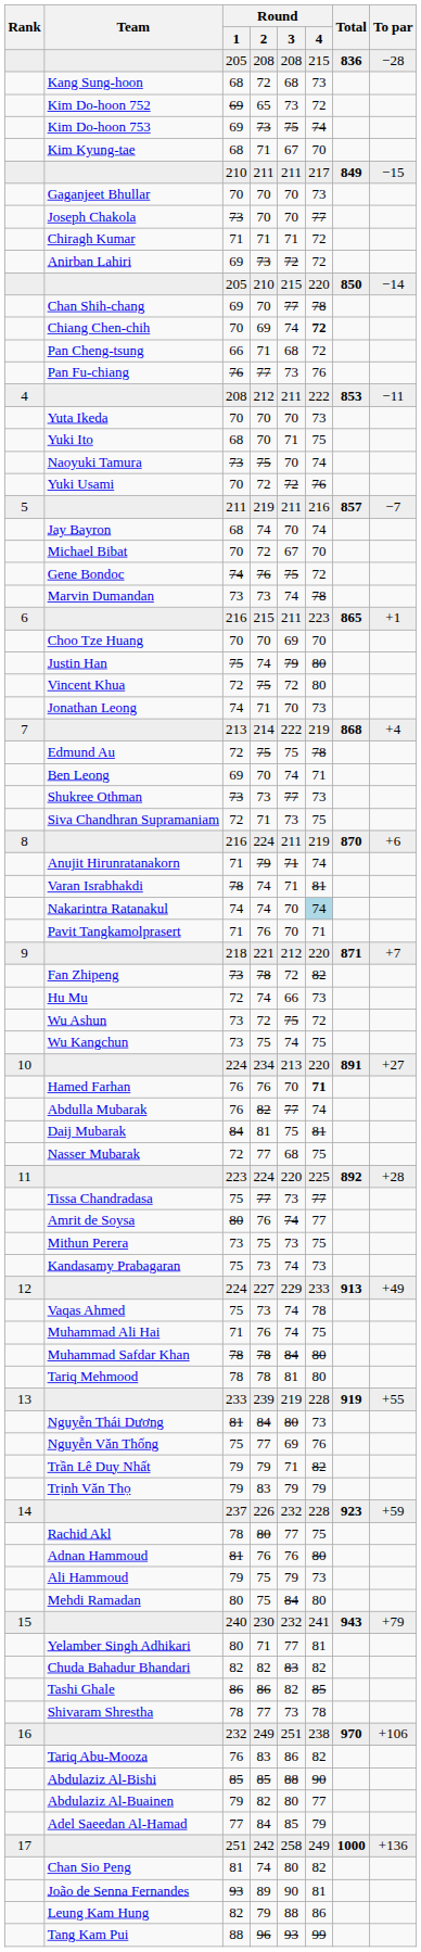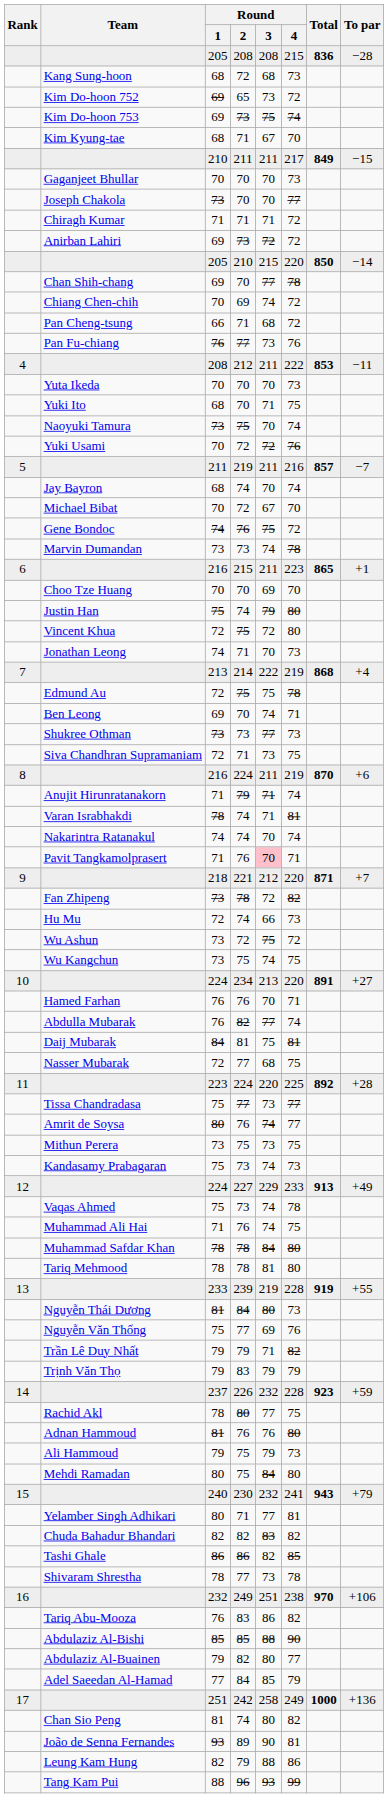 <table class=wikitable style="text-align:center">
 <tr>
 <th rowspan="2">Rank</th>
 <th rowspan="2">Team</th>
 <th colspan="4">Round</th>
 <th rowspan="2">Total</th>
 <th rowspan="2">To par</th>
 </tr>
 <tr>
 <th>1</th>
 <th>2</th>
 <th>3</th>
 <th>4</th>
 </tr>
 <tr style="background:#eeeeee;">
 <td></td>
 <td align=left></td>
 <td>205</td>
 <td>208</td>
 <td>208</td>
 <td>215</td>
 <td><strong>836</strong></td>
 <td>−28</td>
 </tr>
 <tr>
 <td></td>
 <td align=left><a href='#'>Kang Sung-hoon</a></td>
 <td>68</td>
 <td>72</td>
 <td>68</td>
 <td>73</td>
 <td></td>
 <td></td>
 </tr>
 <tr>
 <td></td>
 <td align=left><a href='#'>Kim Do-hoon 752</a></td>
 <td><s>69</s></td>
 <td>65</td>
 <td>73</td>
 <td>72</td>
 <td></td>
 <td></td>
 </tr>
 <tr>
 <td></td>
 <td align=left><a href='#'>Kim Do-hoon 753</a></td>
 <td>69</td>
 <td><s>73</s></td>
 <td><s>75</s></td>
 <td><s>74</s></td>
 <td></td>
 <td></td>
 </tr>
 <tr>
 <td></td>
 <td align=left><a href='#'>Kim Kyung-tae</a></td>
 <td>68</td>
 <td>71</td>
 <td>67</td>
 <td>70</td>
 <td></td>
 <td></td>
 </tr>
 <tr style="background:#eeeeee;">
 <td></td>
 <td align=left></td>
 <td>210</td>
 <td>211</td>
 <td>211</td>
 <td>217</td>
 <td><strong>849</strong></td>
 <td>−15</td>
 </tr>
 <tr>
 <td></td>
 <td align=left><a href='#'>Gaganjeet Bhullar</a></td>
 <td>70</td>
 <td>70</td>
 <td>70</td>
 <td>73</td>
 <td></td>
 <td></td>
 </tr>
 <tr>
 <td></td>
 <td align=left><a href='#'>Joseph Chakola</a></td>
 <td><s>73</s></td>
 <td>70</td>
 <td>70</td>
 <td><s>77</s></td>
 <td></td>
 <td></td>
 </tr>
 <tr>
 <td></td>
 <td align=left><a href='#'>Chiragh Kumar</a></td>
 <td>71</td>
 <td>71</td>
 <td>71</td>
 <td>72</td>
 <td></td>
 <td></td>
 </tr>
 <tr>
 <td></td>
 <td align=left><a href='#'>Anirban Lahiri</a></td>
 <td>69</td>
 <td><s>73</s></td>
 <td><s>72</s></td>
 <td>72</td>
 <td></td>
 <td></td>
 </tr>
 <tr style="background:#eeeeee;">
 <td></td>
 <td align=left></td>
 <td>205</td>
 <td>210</td>
 <td>215</td>
 <td>220</td>
 <td><strong>850</strong></td>
 <td>−14</td>
 </tr>
 <tr>
 <td></td>
 <td align=left><a href='#'>Chan Shih-chang</a></td>
 <td>69</td>
 <td>70</td>
 <td><s>77</s></td>
 <td><s>78</s></td>
 <td></td>
 <td></td>
 </tr>
 <tr>
 <td></td>
 <td align=left><a href='#'>Chiang Chen-chih</a></td>
 <td>70</td>
 <td>69</td>
 <td>74</td>
-<td><strong>72</strong></td>
+<td>72</td>
 <td></td>
 <td></td>
 </tr>
 <tr>
 <td></td>
 <td align=left><a href='#'>Pan Cheng-tsung</a></td>
 <td>66</td>
 <td>71</td>
 <td>68</td>
 <td>72</td>
 <td></td>
 <td></td>
 </tr>
 <tr>
 <td></td>
 <td align=left><a href='#'>Pan Fu-chiang</a></td>
 <td><s>76</s></td>
 <td><s>77</s></td>
 <td>73</td>
 <td>76</td>
 <td></td>
 <td></td>
 </tr>
 <tr style="background:#eeeeee;">
 <td>4</td>
 <td align=left></td>
 <td>208</td>
 <td>212</td>
 <td>211</td>
 <td>222</td>
 <td><strong>853</strong></td>
 <td>−11</td>
 </tr>
 <tr>
 <td></td>
 <td align=left><a href='#'>Yuta Ikeda</a></td>
 <td>70</td>
 <td>70</td>
 <td>70</td>
 <td>73</td>
 <td></td>
 <td></td>
 </tr>
 <tr>
 <td></td>
 <td align=left><a href='#'>Yuki Ito</a></td>
 <td>68</td>
 <td>70</td>
 <td>71</td>
 <td>75</td>
 <td></td>
 <td></td>
 </tr>
 <tr>
 <td></td>
 <td align=left><a href='#'>Naoyuki Tamura</a></td>
 <td><s>73</s></td>
 <td><s>75</s></td>
 <td>70</td>
 <td>74</td>
 <td></td>
 <td></td>
 </tr>
 <tr>
 <td></td>
 <td align=left><a href='#'>Yuki Usami</a></td>
 <td>70</td>
 <td>72</td>
 <td><s>72</s></td>
 <td><s>76</s></td>
 <td></td>
 <td></td>
 </tr>
 <tr style="background:#eeeeee;">
 <td>5</td>
 <td align=left></td>
 <td>211</td>
 <td>219</td>
 <td>211</td>
 <td>216</td>
 <td><strong>857</strong></td>
 <td>−7</td>
 </tr>
 <tr>
 <td></td>
 <td align=left><a href='#'>Jay Bayron</a></td>
 <td>68</td>
 <td>74</td>
 <td>70</td>
 <td>74</td>
 <td></td>
 <td></td>
 </tr>
 <tr>
 <td></td>
 <td align=left><a href='#'>Michael Bibat</a></td>
 <td>70</td>
 <td>72</td>
 <td>67</td>
 <td>70</td>
 <td></td>
 <td></td>
 </tr>
 <tr>
 <td></td>
 <td align=left><a href='#'>Gene Bondoc</a></td>
 <td><s>74</s></td>
 <td><s>76</s></td>
 <td><s>75</s></td>
 <td>72</td>
 <td></td>
 <td></td>
 </tr>
 <tr>
 <td></td>
 <td align=left><a href='#'>Marvin Dumandan</a></td>
 <td>73</td>
 <td>73</td>
 <td>74</td>
 <td><s>78</s></td>
 <td></td>
 <td></td>
 </tr>
 <tr style="background:#eeeeee;">
 <td>6</td>
 <td align=left></td>
 <td>216</td>
 <td>215</td>
 <td>211</td>
 <td>223</td>
 <td><strong>865</strong></td>
 <td>+1</td>
 </tr>
 <tr>
 <td></td>
 <td align=left><a href='#'>Choo Tze Huang</a></td>
 <td>70</td>
 <td>70</td>
 <td>69</td>
 <td>70</td>
 <td></td>
 <td></td>
 </tr>
 <tr>
 <td></td>
 <td align=left><a href='#'>Justin Han</a></td>
 <td><s>75</s></td>
 <td>74</td>
 <td><s>79</s></td>
 <td><s>80</s></td>
 <td></td>
 <td></td>
 </tr>
 <tr>
 <td></td>
 <td align=left><a href='#'>Vincent Khua</a></td>
 <td>72</td>
 <td><s>75</s></td>
 <td>72</td>
 <td>80</td>
 <td></td>
 <td></td>
 </tr>
 <tr>
 <td></td>
 <td align=left><a href='#'>Jonathan Leong</a></td>
 <td>74</td>
 <td>71</td>
 <td>70</td>
 <td>73</td>
 <td></td>
 <td></td>
 </tr>
 <tr style="background:#eeeeee;">
 <td>7</td>
 <td align=left></td>
 <td>213</td>
 <td>214</td>
 <td>222</td>
 <td>219</td>
 <td><strong>868</strong></td>
 <td>+4</td>
 </tr>
 <tr>
 <td></td>
 <td align=left><a href='#'>Edmund Au</a></td>
 <td>72</td>
 <td><s>75</s></td>
 <td>75</td>
 <td><s>78</s></td>
 <td></td>
 <td></td>
 </tr>
 <tr>
 <td></td>
 <td align=left><a href='#'>Ben Leong</a></td>
 <td>69</td>
 <td>70</td>
 <td>74</td>
 <td>71</td>
 <td></td>
 <td></td>
 </tr>
 <tr>
 <td></td>
 <td align=left><a href='#'>Shukree Othman</a></td>
 <td><s>73</s></td>
 <td>73</td>
 <td><s>77</s></td>
 <td>73</td>
 <td></td>
 <td></td>
 </tr>
 <tr>
 <td></td>
 <td align=left><a href='#'>Siva Chandhran Supramaniam</a></td>
 <td>72</td>
 <td>71</td>
 <td>73</td>
 <td>75</td>
 <td></td>
 <td></td>
 </tr>
 <tr style="background:#eeeeee;">
 <td>8</td>
 <td align=left></td>
 <td>216</td>
 <td>224</td>
 <td>211</td>
 <td>219</td>
 <td><strong>870</strong></td>
 <td>+6</td>
 </tr>
 <tr>
 <td></td>
 <td align=left><a href='#'>Anujit Hirunratanakorn</a></td>
 <td>71</td>
 <td><s>79</s></td>
 <td><s>71</s></td>
 <td>74</td>
 <td></td>
 <td></td>
 </tr>
 <tr>
 <td></td>
 <td align=left><a href='#'>Varan Israbhakdi</a></td>
 <td><s>78</s></td>
 <td>74</td>
 <td>71</td>
 <td><s>81</s></td>
 <td></td>
 <td></td>
 </tr>
 <tr>
 <td></td>
 <td align=left><a href='#'>Nakarintra Ratanakul</a></td>
 <td>74</td>
 <td>74</td>
 <td>70</td>
-<td style="background: lightblue;">74</td>
+<td>74</td>
 <td></td>
 <td></td>
 </tr>
 <tr>
 <td></td>
 <td align=left><a href='#'>Pavit Tangkamolprasert</a></td>
 <td>71</td>
 <td>76</td>
-<td>70</td>
+<td style="background: pink;">70</td>
 <td>71</td>
 <td></td>
 <td></td>
 </tr>
 <tr style="background:#eeeeee;">
 <td>9</td>
 <td align=left></td>
 <td>218</td>
 <td>221</td>
 <td>212</td>
 <td>220</td>
 <td><strong>871</strong></td>
 <td>+7</td>
 </tr>
 <tr>
 <td></td>
 <td align=left><a href='#'>Fan Zhipeng</a></td>
 <td><s>73</s></td>
 <td><s>78</s></td>
 <td>72</td>
 <td><s>82</s></td>
 <td></td>
 <td></td>
 </tr>
 <tr>
 <td></td>
 <td align=left><a href='#'>Hu Mu</a></td>
 <td>72</td>
 <td>74</td>
 <td>66</td>
 <td>73</td>
 <td></td>
 <td></td>
 </tr>
 <tr>
 <td></td>
 <td align=left><a href='#'>Wu Ashun</a></td>
 <td>73</td>
 <td>72</td>
 <td><s>75</s></td>
 <td>72</td>
 <td></td>
 <td></td>
 </tr>
 <tr>
 <td></td>
 <td align=left><a href='#'>Wu Kangchun</a></td>
 <td>73</td>
 <td>75</td>
 <td>74</td>
 <td>75</td>
 <td></td>
 <td></td>
 </tr>
 <tr style="background:#eeeeee;">
 <td>10</td>
 <td align=left></td>
 <td>224</td>
 <td>234</td>
 <td>213</td>
 <td>220</td>
 <td><strong>891</strong></td>
 <td>+27</td>
 </tr>
 <tr>
 <td></td>
 <td align=left><a href='#'>Hamed Farhan</a></td>
 <td>76</td>
 <td>76</td>
 <td>70</td>
-<td><strong>71</strong></td>
+<td>71</td>
 <td></td>
 <td></td>
 </tr>
 <tr>
 <td></td>
 <td align=left><a href='#'>Abdulla Mubarak</a></td>
 <td>76</td>
 <td><s>82</s></td>
 <td><s>77</s></td>
 <td>74</td>
 <td></td>
 <td></td>
 </tr>
 <tr>
 <td></td>
 <td align=left><a href='#'>Daij Mubarak</a></td>
 <td><s>84</s></td>
 <td>81</td>
 <td>75</td>
 <td><s>81</s></td>
 <td></td>
 <td></td>
 </tr>
 <tr>
 <td></td>
 <td align=left><a href='#'>Nasser Mubarak</a></td>
 <td>72</td>
 <td>77</td>
 <td>68</td>
 <td>75</td>
 <td></td>
 <td></td>
 </tr>
 <tr style="background:#eeeeee;">
 <td>11</td>
 <td align=left></td>
 <td>223</td>
 <td>224</td>
 <td>220</td>
 <td>225</td>
 <td><strong>892</strong></td>
 <td>+28</td>
 </tr>
 <tr>
 <td></td>
 <td align=left><a href='#'>Tissa Chandradasa</a></td>
 <td>75</td>
 <td><s>77</s></td>
 <td>73</td>
 <td><s>77</s></td>
 <td></td>
 <td></td>
 </tr>
 <tr>
 <td></td>
 <td align=left><a href='#'>Amrit de Soysa</a></td>
 <td><s>80</s></td>
 <td>76</td>
 <td><s>74</s></td>
 <td>77</td>
 <td></td>
 <td></td>
 </tr>
 <tr>
 <td></td>
 <td align=left><a href='#'>Mithun Perera</a></td>
 <td>73</td>
 <td>75</td>
 <td>73</td>
 <td>75</td>
 <td></td>
 <td></td>
 </tr>
 <tr>
 <td></td>
 <td align=left><a href='#'>Kandasamy Prabagaran</a></td>
 <td>75</td>
 <td>73</td>
 <td>74</td>
 <td>73</td>
 <td></td>
 <td></td>
 </tr>
 <tr style="background:#eeeeee;">
 <td>12</td>
 <td align=left></td>
 <td>224</td>
 <td>227</td>
 <td>229</td>
 <td>233</td>
 <td><strong>913</strong></td>
 <td>+49</td>
 </tr>
 <tr>
 <td></td>
 <td align=left><a href='#'>Vaqas Ahmed</a></td>
 <td>75</td>
 <td>73</td>
 <td>74</td>
 <td>78</td>
 <td></td>
 <td></td>
 </tr>
 <tr>
 <td></td>
 <td align=left><a href='#'>Muhammad Ali Hai</a></td>
 <td>71</td>
 <td>76</td>
 <td>74</td>
 <td>75</td>
 <td></td>
 <td></td>
 </tr>
 <tr>
 <td></td>
 <td align=left><a href='#'>Muhammad Safdar Khan</a></td>
 <td><s>78</s></td>
 <td><s>78</s></td>
 <td><s>84</s></td>
 <td><s>80</s></td>
 <td></td>
 <td></td>
 </tr>
 <tr>
 <td></td>
 <td align=left><a href='#'>Tariq Mehmood</a></td>
 <td>78</td>
 <td>78</td>
 <td>81</td>
 <td>80</td>
 <td></td>
 <td></td>
 </tr>
 <tr style="background:#eeeeee;">
 <td>13</td>
 <td align=left></td>
 <td>233</td>
 <td>239</td>
 <td>219</td>
 <td>228</td>
 <td><strong>919</strong></td>
 <td>+55</td>
 </tr>
 <tr>
 <td></td>
 <td align=left><a href='#'>Nguyễn Thái Dương</a></td>
 <td><s>81</s></td>
 <td><s>84</s></td>
 <td><s>80</s></td>
 <td>73</td>
 <td></td>
 <td></td>
 </tr>
 <tr>
 <td></td>
 <td align=left><a href='#'>Nguyễn Văn Thống</a></td>
 <td>75</td>
 <td>77</td>
 <td>69</td>
 <td>76</td>
 <td></td>
 <td></td>
 </tr>
 <tr>
 <td></td>
 <td align=left><a href='#'>Trần Lê Duy Nhất</a></td>
 <td>79</td>
 <td>79</td>
 <td>71</td>
 <td><s>82</s></td>
 <td></td>
 <td></td>
 </tr>
 <tr>
 <td></td>
 <td align=left><a href='#'>Trịnh Văn Thọ</a></td>
 <td>79</td>
 <td>83</td>
 <td>79</td>
 <td>79</td>
 <td></td>
 <td></td>
 </tr>
 <tr style="background:#eeeeee;">
 <td>14</td>
 <td align=left></td>
 <td>237</td>
 <td>226</td>
 <td>232</td>
 <td>228</td>
 <td><strong>923</strong></td>
 <td>+59</td>
 </tr>
 <tr>
 <td></td>
 <td align=left><a href='#'>Rachid Akl</a></td>
 <td>78</td>
 <td><s>80</s></td>
 <td>77</td>
 <td>75</td>
 <td></td>
 <td></td>
 </tr>
 <tr>
 <td></td>
 <td align=left><a href='#'>Adnan Hammoud</a></td>
 <td><s>81</s></td>
 <td>76</td>
 <td>76</td>
 <td><s>80</s></td>
 <td></td>
 <td></td>
 </tr>
 <tr>
 <td></td>
 <td align=left><a href='#'>Ali Hammoud</a></td>
 <td>79</td>
 <td>75</td>
 <td>79</td>
 <td>73</td>
 <td></td>
 <td></td>
 </tr>
 <tr>
 <td></td>
 <td align=left><a href='#'>Mehdi Ramadan</a></td>
 <td>80</td>
 <td>75</td>
 <td><s>84</s></td>
 <td>80</td>
 <td></td>
 <td></td>
 </tr>
 <tr style="background:#eeeeee;">
 <td>15</td>
 <td align=left></td>
 <td>240</td>
 <td>230</td>
 <td>232</td>
 <td>241</td>
 <td><strong>943</strong></td>
 <td>+79</td>
 </tr>
 <tr>
 <td></td>
 <td align=left><a href='#'>Yelamber Singh Adhikari</a></td>
 <td>80</td>
 <td>71</td>
 <td>77</td>
 <td>81</td>
 <td></td>
 <td></td>
 </tr>
 <tr>
 <td></td>
 <td align=left><a href='#'>Chuda Bahadur Bhandari</a></td>
 <td>82</td>
 <td>82</td>
 <td><s>83</s></td>
 <td>82</td>
 <td></td>
 <td></td>
 </tr>
 <tr>
 <td></td>
 <td align=left><a href='#'>Tashi Ghale</a></td>
 <td><s>86</s></td>
 <td><s>86</s></td>
 <td>82</td>
 <td><s>85</s></td>
 <td></td>
 <td></td>
 </tr>
 <tr>
 <td></td>
 <td align=left><a href='#'>Shivaram Shrestha</a></td>
 <td>78</td>
 <td>77</td>
 <td>73</td>
 <td>78</td>
 <td></td>
 <td></td>
 </tr>
 <tr style="background:#eeeeee;">
 <td>16</td>
 <td align=left></td>
 <td>232</td>
 <td>249</td>
 <td>251</td>
 <td>238</td>
 <td><strong>970</strong></td>
 <td>+106</td>
 </tr>
 <tr>
 <td></td>
 <td align=left><a href='#'>Tariq Abu-Mooza</a></td>
 <td>76</td>
 <td>83</td>
 <td>86</td>
 <td>82</td>
 <td></td>
 <td></td>
 </tr>
 <tr>
 <td></td>
 <td align=left><a href='#'>Abdulaziz Al-Bishi</a></td>
 <td><s>85</s></td>
 <td><s>85</s></td>
 <td><s>88</s></td>
 <td><s>90</s></td>
 <td></td>
 <td></td>
 </tr>
 <tr>
 <td></td>
 <td align=left><a href='#'>Abdulaziz Al-Buainen</a></td>
 <td>79</td>
 <td>82</td>
 <td>80</td>
 <td>77</td>
 <td></td>
 <td></td>
 </tr>
 <tr>
 <td></td>
 <td align=left><a href='#'>Adel Saeedan Al-Hamad</a></td>
 <td>77</td>
 <td>84</td>
 <td>85</td>
 <td>79</td>
 <td></td>
 <td></td>
 </tr>
 <tr style="background:#eeeeee;">
 <td>17</td>
 <td align=left></td>
 <td>251</td>
 <td>242</td>
 <td>258</td>
 <td>249</td>
 <td><strong>1000</strong></td>
 <td>+136</td>
 </tr>
 <tr>
 <td></td>
 <td align=left><a href='#'>Chan Sio Peng</a></td>
 <td>81</td>
 <td>74</td>
 <td>80</td>
 <td>82</td>
 <td></td>
 <td></td>
 </tr>
 <tr>
 <td></td>
 <td align=left><a href='#'>João de Senna Fernandes</a></td>
 <td><s>93</s></td>
 <td>89</td>
 <td>90</td>
 <td>81</td>
 <td></td>
 <td></td>
 </tr>
 <tr>
 <td></td>
 <td align=left><a href='#'>Leung Kam Hung</a></td>
 <td>82</td>
 <td>79</td>
 <td>88</td>
 <td>86</td>
 <td></td>
 <td></td>
 </tr>
 <tr>
 <td></td>
 <td align=left><a href='#'>Tang Kam Pui</a></td>
 <td>88</td>
 <td><s>96</s></td>
 <td><s>93</s></td>
 <td><s>99</s></td>
 <td></td>
 <td></td>
 </tr>
 </table>
